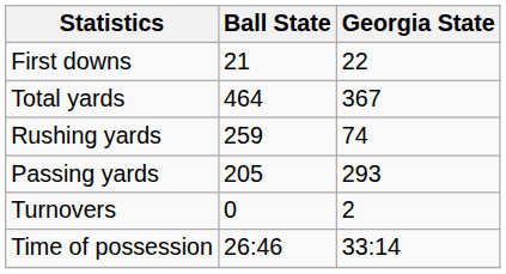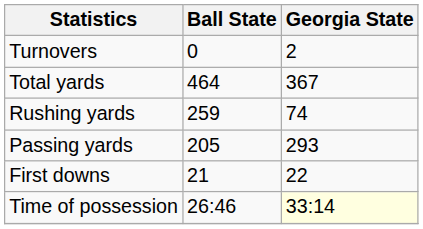 <table class="wikitable">
 <tr>
 <th>Statistics</th>
 <th>Ball State</th>
 <th>Georgia State</th>
 </tr>
 <tr>
-<td>First downs</td>
-<td>21</td>
-<td>22</td>
+<td>Turnovers</td>
+<td>0</td>
+<td>2</td>
 </tr>
 <tr>
 <td>Total yards</td>
 <td>464</td>
 <td>367</td>
 </tr>
 <tr>
 <td>Rushing yards</td>
 <td>259</td>
 <td>74</td>
 </tr>
 <tr>
 <td>Passing yards</td>
 <td>205</td>
 <td>293</td>
 </tr>
 <tr>
-<td>Turnovers</td>
-<td>0</td>
-<td>2</td>
+<td>First downs</td>
+<td>21</td>
+<td>22</td>
 </tr>
 <tr>
 <td>Time of possession</td>
 <td>26:46</td>
-<td>33:14</td>
+<td style="background: lightyellow;">33:14</td>
 </tr>
 <tr>
 </tr>
 </table>
